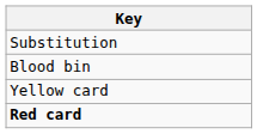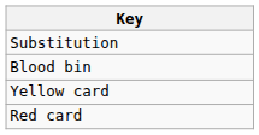 <table class="wikitable" width=17% align=right>
 <tr>
 <th>Key</th>
 </tr>
 <tr>
 <td>  Substitution</td>
 </tr>
 <tr>
 <td> Blood bin</td>
 </tr>
 <tr>
 <td> Yellow card</td>
 </tr>
 <tr>
-<td><strong> Red card</strong></td>
+<td> Red card</td>
 </tr>
 </table>
